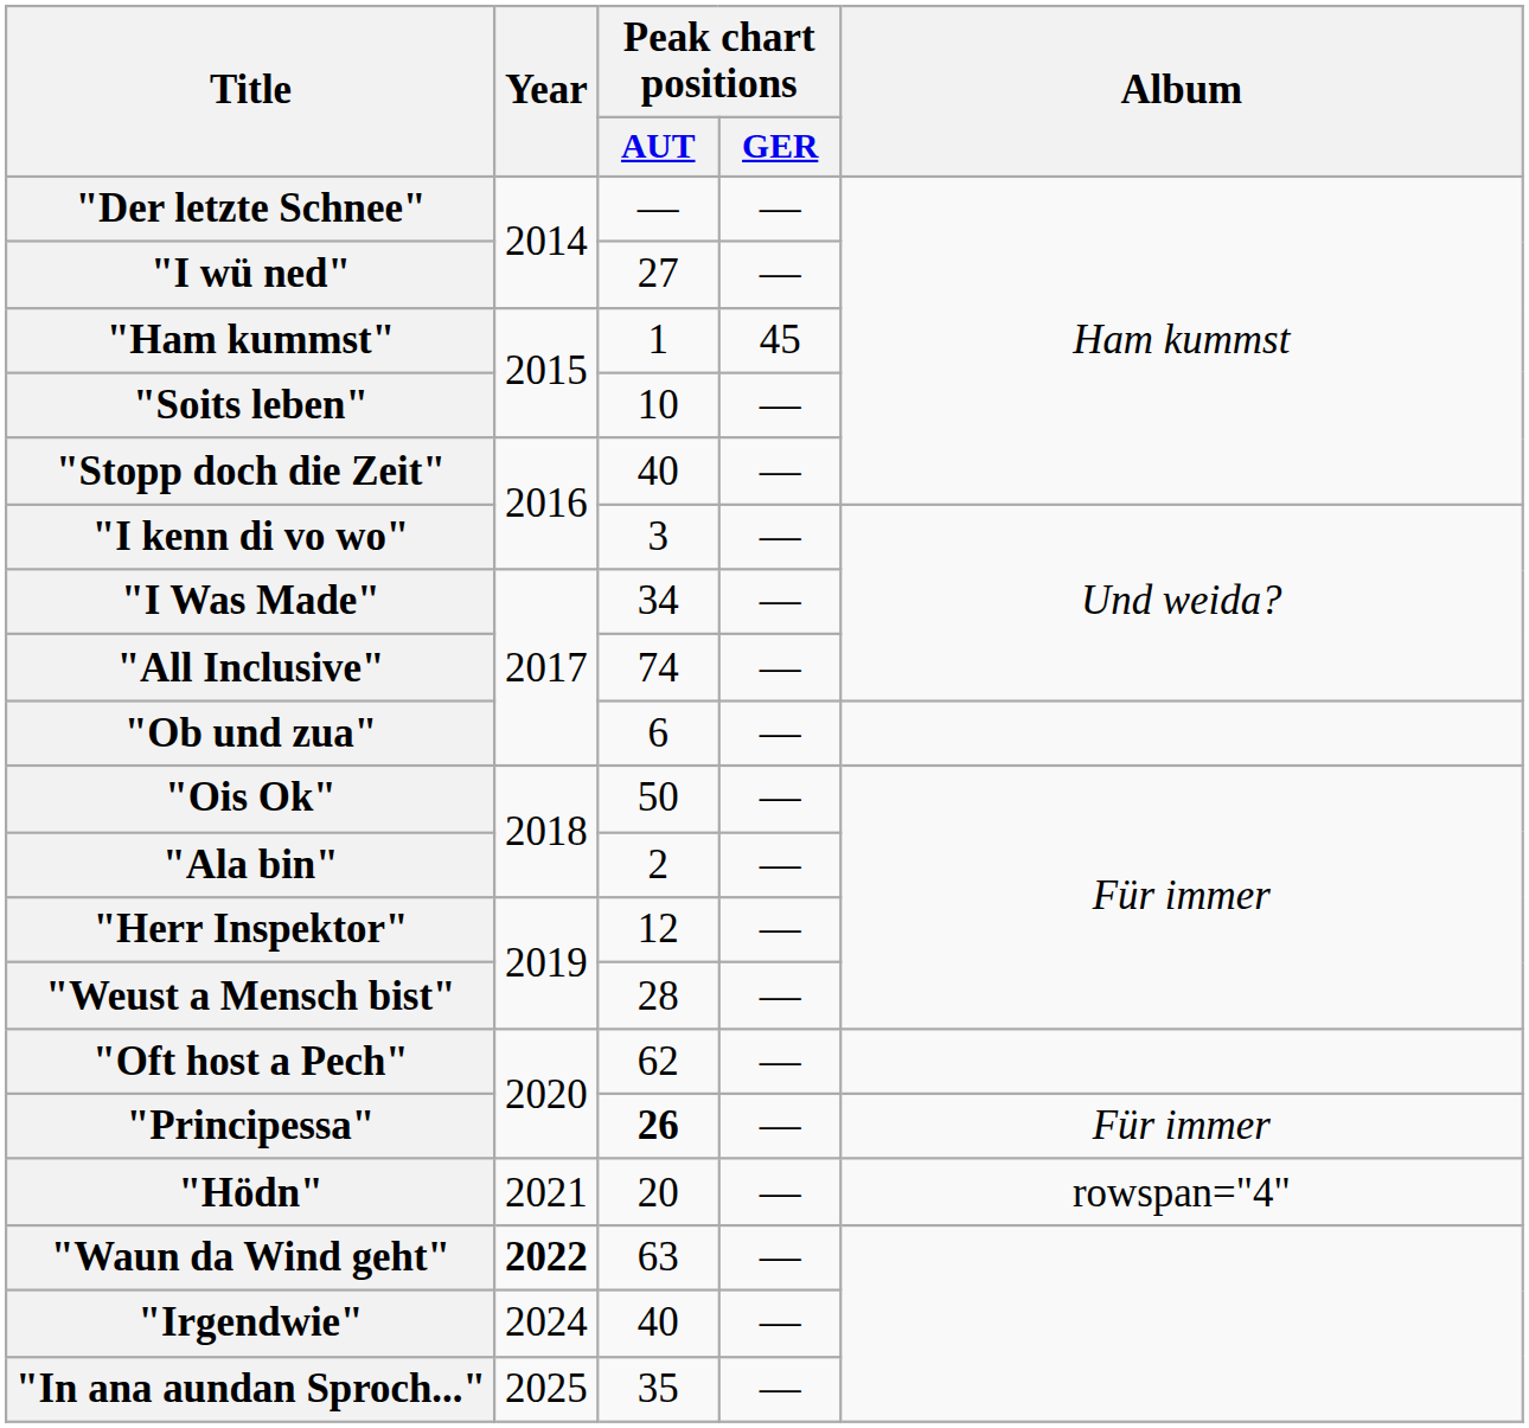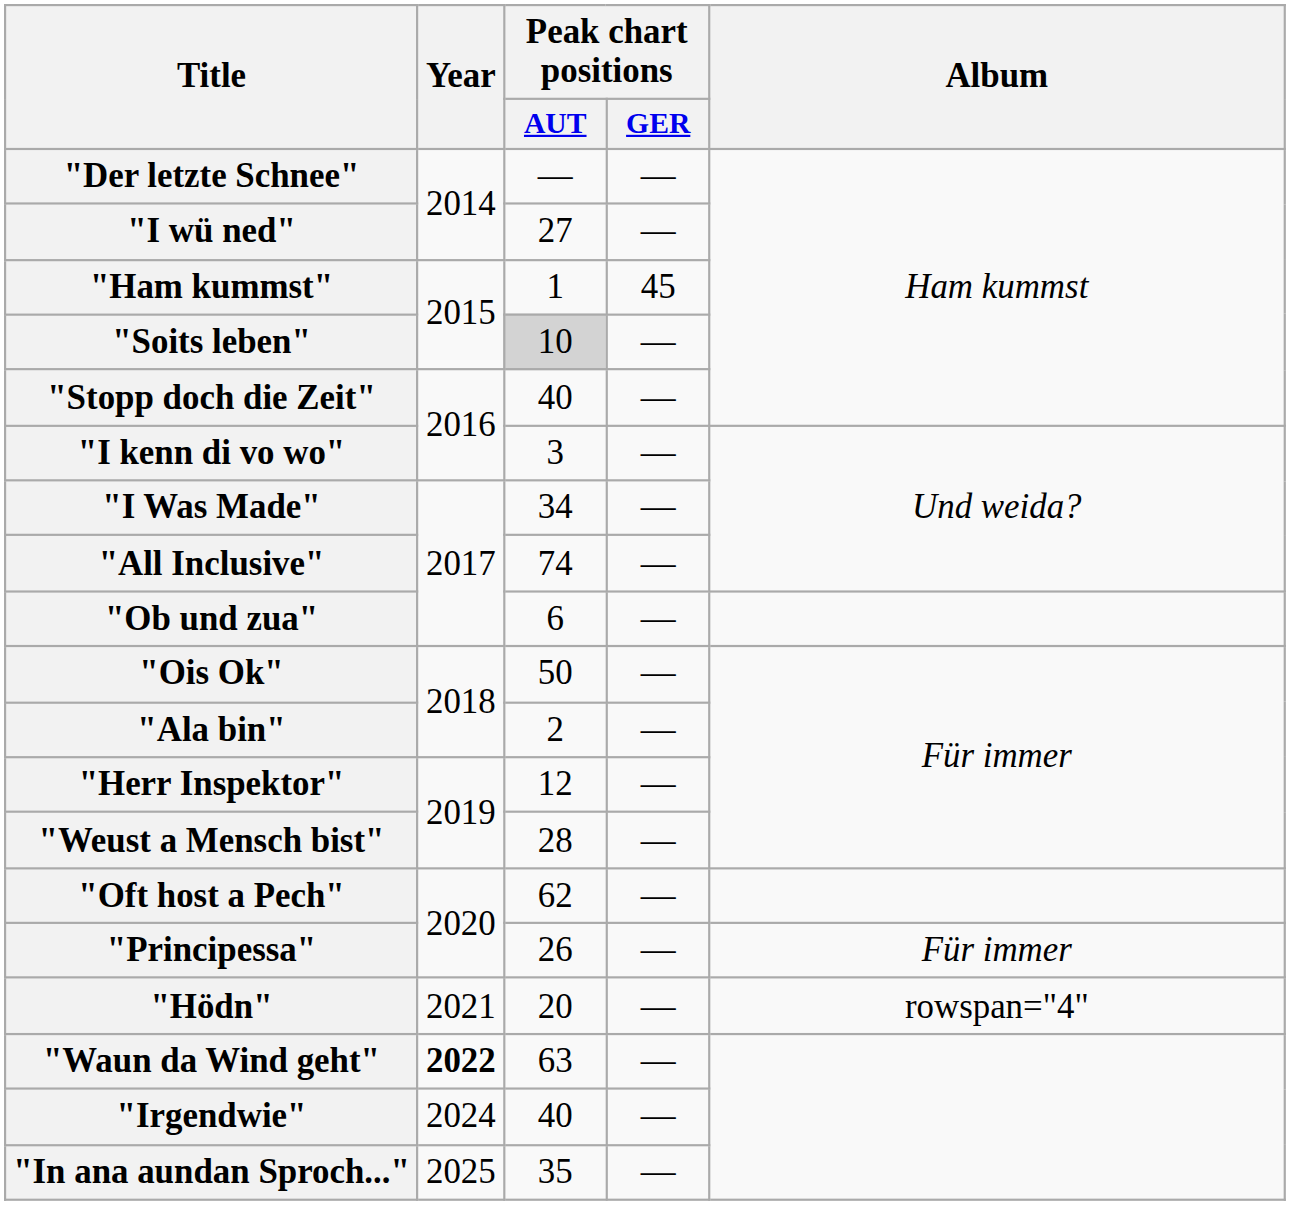 <table class="wikitable plainrowheaders" style="text-align:center">
 <tr>
 <th scope="col" rowspan="2">Title</th>
 <th scope="col" rowspan="2">Year</th>
 <th scope="col" colspan="2">Peak chart positions</th>
 <th scope="col" rowspan="2" style="width:16em;">Album</th>
 </tr>
 <tr>
 <th scope="col" style="width:3em;font-size:85%;"><a href='#'>AUT</a><br></th>
 <th scope="col" style="width:3em;font-size:85%;"><a href='#'>GER</a><br></th>
 </tr>
 <tr>
 <th scope="row">"Der letzte Schnee"</th>
 <td rowspan="2">2014</td>
 <td>—</td>
 <td>—</td>
 <td rowspan="5"><em>Ham kummst</em></td>
 </tr>
 <tr>
 <th scope="row">"I wü ned"</th>
 <td>27</td>
 <td>—</td>
 </tr>
 <tr>
 <th scope="row">"Ham kummst"</th>
 <td rowspan="2">2015</td>
 <td>1</td>
 <td>45</td>
 </tr>
 <tr>
 <th scope="row">"Soits leben"</th>
-<td>10</td>
+<td style="background: lightgrey;">10</td>
 <td>—</td>
 </tr>
 <tr>
 <th scope="row">"Stopp doch die Zeit"</th>
 <td rowspan="2">2016</td>
 <td>40</td>
 <td>—</td>
 </tr>
 <tr>
 <th scope="row">"I kenn di vo wo"</th>
 <td>3</td>
 <td>—</td>
 <td rowspan="3"><em>Und weida?</em></td>
 </tr>
 <tr>
 <th scope="row">"I Was Made"</th>
 <td rowspan="3">2017</td>
 <td>34</td>
 <td>—</td>
 </tr>
 <tr>
 <th scope="row">"All Inclusive"</th>
 <td>74</td>
 <td>—</td>
 </tr>
 <tr>
 <th scope="row">"Ob und zua"</th>
 <td>6</td>
 <td>—</td>
 <td></td>
 </tr>
 <tr>
 <th scope="row">"Ois Ok"</th>
 <td rowspan="2">2018</td>
 <td>50</td>
 <td>—</td>
 <td rowspan="4"><em>Für immer</em></td>
 </tr>
 <tr>
 <th scope="row">"Ala bin"</th>
 <td>2</td>
 <td>—</td>
 </tr>
 <tr>
 <th scope="row">"Herr Inspektor"</th>
 <td rowspan="2">2019</td>
 <td>12</td>
 <td>—</td>
 </tr>
 <tr>
 <th scope="row">"Weust a Mensch bist"</th>
 <td>28</td>
 <td>—</td>
 </tr>
 <tr>
 <th scope="row">"Oft host a Pech"</th>
 <td rowspan="2">2020</td>
 <td>62</td>
 <td>—</td>
 <td></td>
 </tr>
 <tr>
 <th scope="row">"Principessa"</th>
-<td><strong>26</strong></td>
+<td>26</td>
 <td>—</td>
 <td><em>Für immer</em></td>
 </tr>
 <tr>
 <th scope="row">"Hödn"</th>
 <td>2021</td>
 <td>20</td>
 <td>—</td>
 <td>rowspan="4" </td>
 </tr>
 <tr>
 <th scope="row">"Waun da Wind geht"</th>
 <td><strong>2022</strong></td>
 <td>63</td>
 <td>—</td>
 </tr>
 <tr>
 <th scope="row">"Irgendwie"</th>
 <td>2024</td>
 <td>40</td>
 <td>—</td>
 </tr>
 <tr>
 <th scope="row">"In ana aundan Sproch..."</th>
 <td>2025</td>
 <td>35</td>
 <td>—</td>
 </tr>
 </table>
